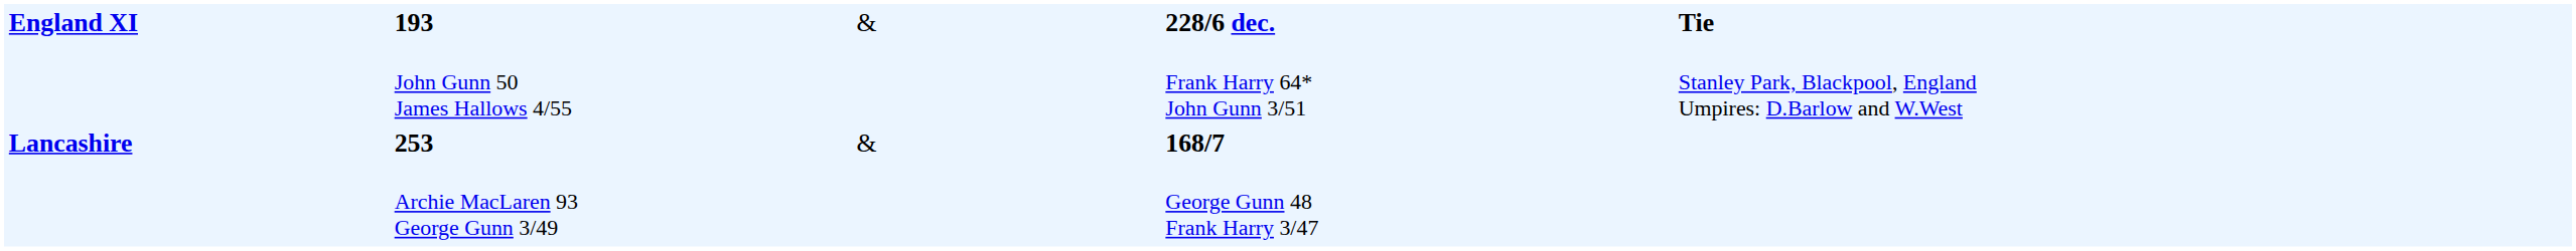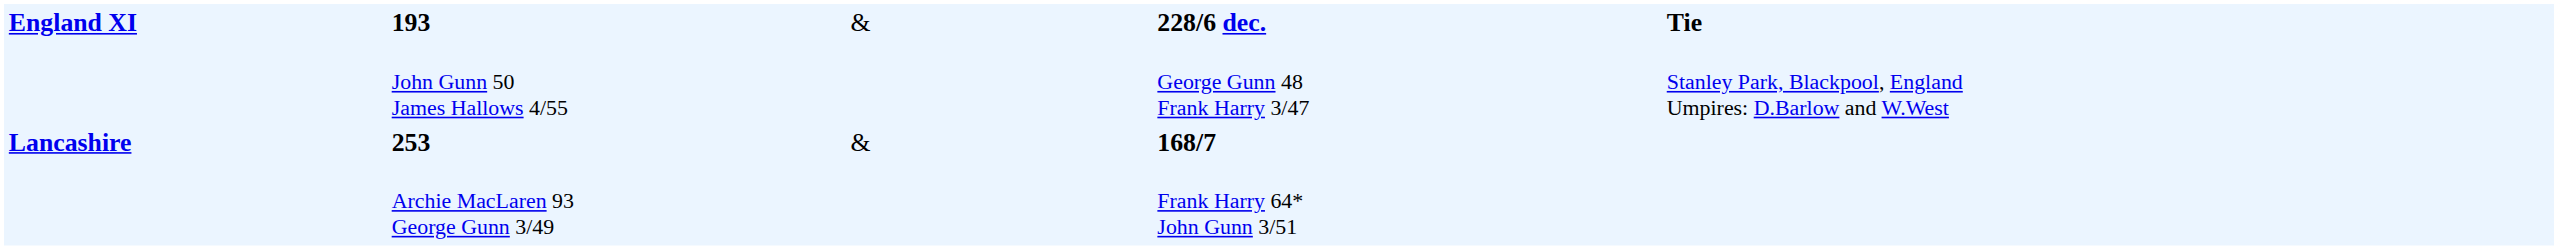 <table width="100%" style="background: #EBF5FF">
 <tr>
 <td width="15%" valign="top" rowspan="2"><strong><a href='#'>England XI</a></strong></td>
 <td width="18%"><strong>193</strong></td>
 <td width="12%">&</td>
 <td width="20%"><strong>228/6 <a href='#'>dec.</a></strong></td>
 <td width="35%"><strong>Tie</strong></td>
 </tr>
 <tr>
 <td style="font-size: 85%;" valign="top"><br><a href='#'>John Gunn</a> 50<br> <a href='#'>James Hallows</a> 4/55</td>
 <td></td>
-<td valign="top" style="font-size: 85%;"><br><a href='#'>Frank Harry</a> 64*<br> <a href='#'>John Gunn</a> 3/51</td>
+<td style="font-size: 85%;"><br><a href='#'>George Gunn</a> 48<br> <a href='#'>Frank Harry</a> 3/47</td>
 <td valign="top" style="font-size: 85%;" rowspan="3"><br><a href='#'>Stanley Park, Blackpool</a>, <a href='#'>England</a><br> Umpires: <a href='#'>D.Barlow</a> and <a href='#'>W.West</a></td>
 </tr>
 <tr>
 <td valign="top" rowspan="2"><strong><a href='#'>Lancashire</a></strong></td>
 <td><strong>253</strong></td>
 <td>&</td>
 <td><strong>168/7</strong></td>
 </tr>
 <tr>
 <td style="font-size: 85%;"><br><a href='#'>Archie MacLaren</a> 93<br> <a href='#'>George Gunn</a> 3/49</td>
 <td></td>
-<td style="font-size: 85%;"><br><a href='#'>George Gunn</a> 48<br> <a href='#'>Frank Harry</a> 3/47</td>
+<td valign="top" style="font-size: 85%;"><br><a href='#'>Frank Harry</a> 64*<br> <a href='#'>John Gunn</a> 3/51</td>
 </tr>
 </table>
